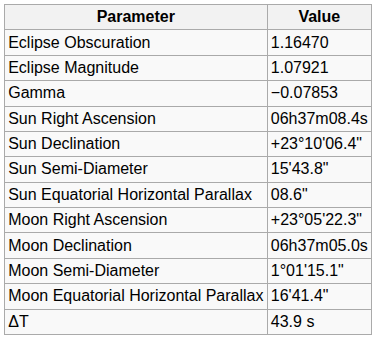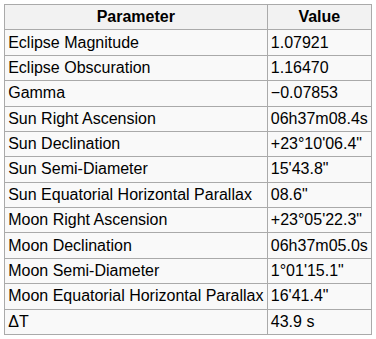 <table class="wikitable">
 <tr>
 <th>Parameter</th>
 <th>Value</th>
 </tr>
 <tr>
+<td>Eclipse Magnitude</td>
+<td>1.07921</td>
+</tr>
+<tr>
 <td>Eclipse Obscuration</td>
 <td>1.16470</td>
-</tr>
-<tr>
-<td>Eclipse Magnitude</td>
-<td>1.07921</td>
 </tr>
 <tr>
 <td>Gamma</td>
 <td>−0.07853</td>
 </tr>
 <tr>
 <td>Sun Right Ascension</td>
 <td>06h37m08.4s</td>
 </tr>
 <tr>
 <td>Sun Declination</td>
 <td>+23°10'06.4"</td>
 </tr>
 <tr>
 <td>Sun Semi-Diameter</td>
 <td>15'43.8"</td>
 </tr>
 <tr>
 <td>Sun Equatorial Horizontal Parallax</td>
 <td>08.6"</td>
 </tr>
 <tr>
 <td>Moon Right Ascension</td>
 <td>+23°05'22.3"</td>
 </tr>
 <tr>
 <td>Moon Declination</td>
 <td>06h37m05.0s</td>
 </tr>
 <tr>
 <td>Moon Semi-Diameter</td>
 <td>1°01'15.1"</td>
 </tr>
 <tr>
 <td>Moon Equatorial Horizontal Parallax</td>
 <td>16'41.4"</td>
 </tr>
 <tr>
 <td>ΔT</td>
 <td>43.9 s</td>
 </tr>
 </table>
